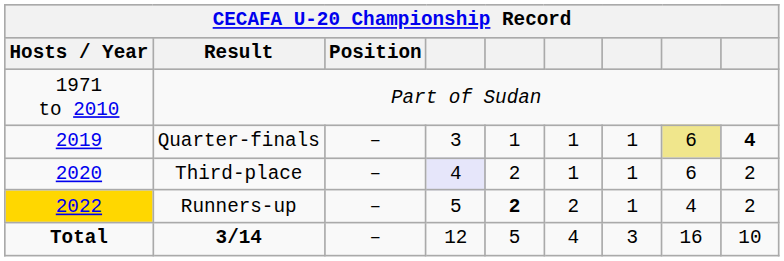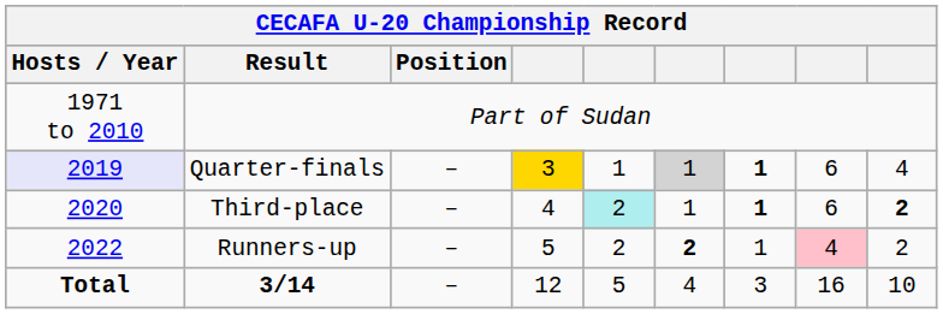 <table class="wikitable" style="text-align: center;font-size:90%;">
 <tr>
 <th colspan=9><a href='#'>CECAFA U-20 Championship</a> Record</th>
 </tr>
 <tr>
 <th>Hosts / Year</th>
 <th>Result</th>
 <th>Position</th>
 <th width=30></th>
 <th width=30></th>
 <th width=30></th>
 <th width=30></th>
 <th width=30></th>
 <th width=30></th>
 </tr>
 <tr>
 <td> 1971<br> to  <a href='#'>2010</a></td>
 <td colspan=13><em>Part of Sudan</em></td>
 </tr>
 <tr>
-<td> <a href='#'>2019</a></td>
+<td style="background: lavender;"> <a href='#'>2019</a></td>
 <td>Quarter-finals</td>
 <td>–</td>
-<td>3</td>
+<td style="background: gold;">3</td>
 <td>1</td>
-<td>1</td>
-<td>1</td>
-<td style="background: khaki;">6</td>
-<td><strong>4</strong></td>
+<td style="background: lightgrey;">1</td>
+<td><strong>1</strong></td>
+<td>6</td>
+<td>4</td>
 </tr>
 <tr>
 <td> <a href='#'>2020</a></td>
 <td>Third-place</td>
 <td>–</td>
-<td style="background: lavender;">4</td>
-<td>2</td>
+<td>4</td>
+<td style="background: paleturquoise;">2</td>
 <td>1</td>
-<td>1</td>
+<td><strong>1</strong></td>
 <td>6</td>
-<td>2</td>
+<td><strong>2</strong></td>
 </tr>
 <tr>
-<td style="background: gold;"> <a href='#'>2022</a></td>
+<td> <a href='#'>2022</a></td>
 <td>Runners-up</td>
 <td>–</td>
 <td>5</td>
+<td>2</td>
 <td><strong>2</strong></td>
-<td>2</td>
 <td>1</td>
-<td>4</td>
+<td style="background: pink;">4</td>
 <td>2</td>
 </tr>
 <tr>
 <td><strong>Total</strong></td>
 <td><strong>3/14</strong></td>
 <td>–</td>
 <td>12</td>
 <td>5</td>
 <td>4</td>
 <td>3</td>
 <td>16</td>
 <td>10</td>
 </tr>
 </table>
